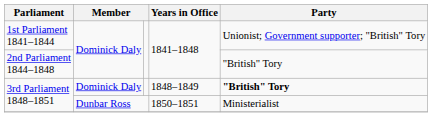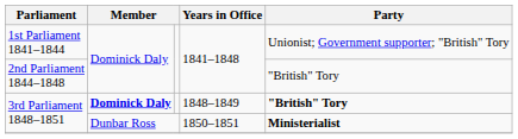 <table class="wikitable">
 <tr>
 <th>Parliament</th>
 <th colspan="2">Member</th>
 <th>Years in Office</th>
 <th>Party</th>
 </tr>
 <tr>
 <td><a href='#'>1st Parliament</a><br>1841–1844</td>
 <td rowspan = "2"><a href='#'>Dominick Daly</a></td>
 <td rowspan = "2"></td>
 <td rowspan = "2">1841–1848</td>
 <td>Unionist; <a href='#'>Government supporter</a>; "British" Tory</td>
 </tr>
 <tr>
 <td><a href='#'>2nd Parliament</a><br>1844–1848</td>
 <td>"British" Tory</td>
 </tr>
 <tr>
 <td rowspan="2"><a href='#'>3rd Parliament</a><br>1848–1851</td>
-<td><a href='#'>Dominick Daly</a></td>
+<td><strong><a href='#'>Dominick Daly</a></strong></td>
 <td></td>
 <td>1848–1849</td>
 <td><strong>"British" Tory</strong></td>
 </tr>
 <tr>
 <td colspan = "2"><a href='#'>Dunbar Ross</a></td>
 <td>1850–1851</td>
-<td>Ministerialist</td>
+<td><strong>Ministerialist</strong></td>
 </tr>
 <tr>
 </tr>
 </table>
